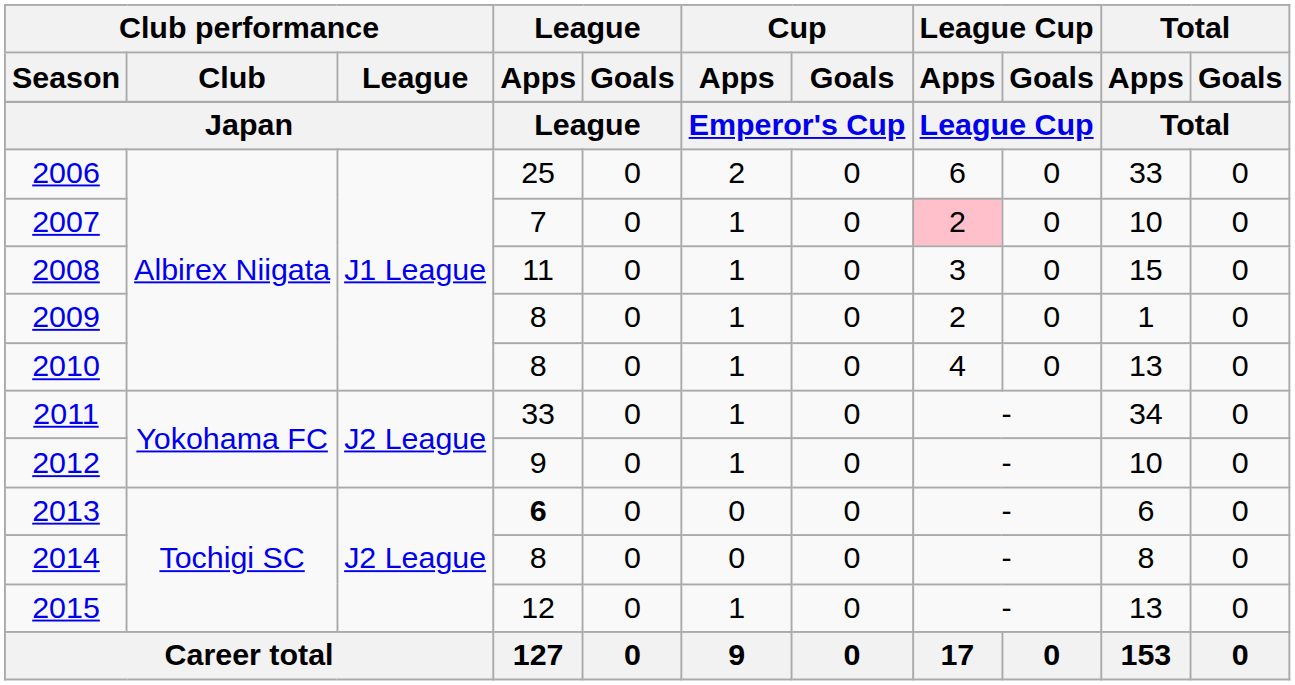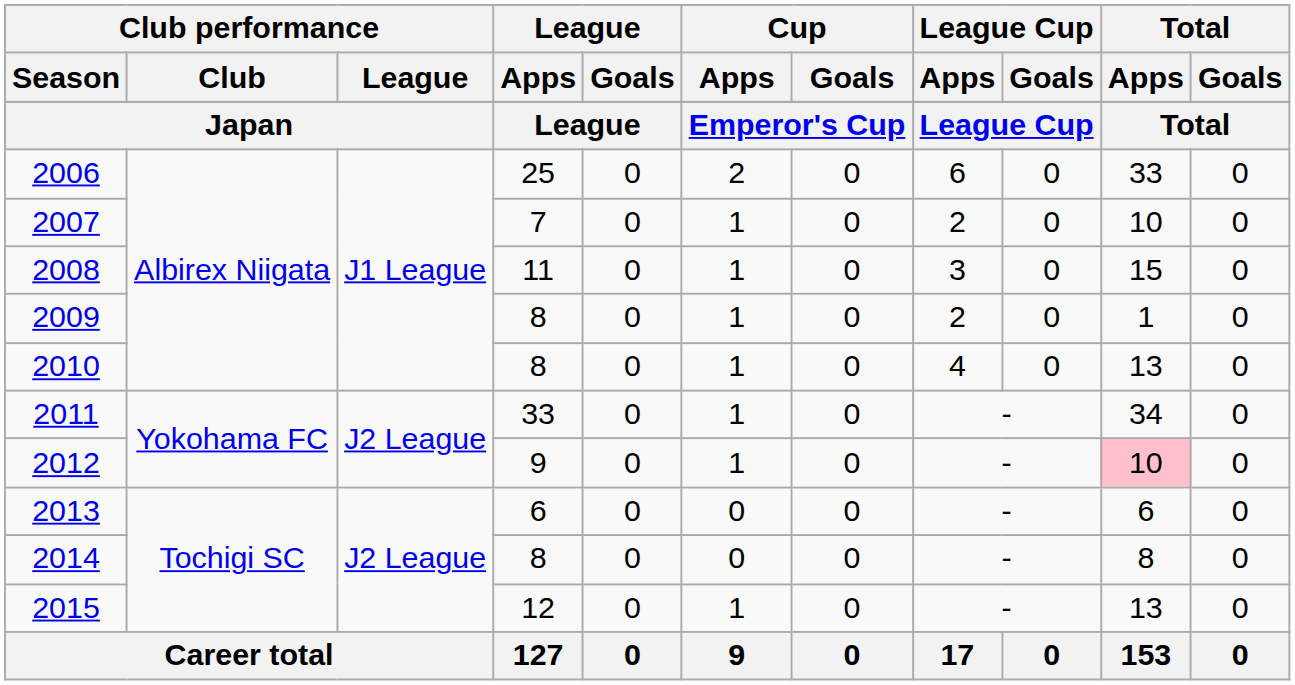 <table class="wikitable" style="text-align:center">
 <tr>
 <th colspan=3>Club performance</th>
 <th colspan=2>League</th>
 <th colspan=2>Cup</th>
 <th colspan=2>League Cup</th>
 <th colspan=2>Total</th>
 </tr>
 <tr>
 <th>Season</th>
 <th>Club</th>
 <th>League</th>
 <th>Apps</th>
 <th>Goals</th>
 <th>Apps</th>
 <th>Goals</th>
 <th>Apps</th>
 <th>Goals</th>
 <th>Apps</th>
 <th>Goals</th>
 </tr>
 <tr>
 </tr>
 <tr>
 <th colspan=3>Japan</th>
 <th colspan=2>League</th>
 <th colspan=2><a href='#'>Emperor's Cup</a></th>
 <th colspan=2><a href='#'>League Cup</a></th>
 <th colspan=2>Total</th>
 </tr>
 <tr>
 <td><a href='#'>2006</a></td>
 <td rowspan="5"><a href='#'>Albirex Niigata</a></td>
 <td rowspan="5"><a href='#'>J1 League</a></td>
 <td>25</td>
 <td>0</td>
 <td>2</td>
 <td>0</td>
 <td>6</td>
 <td>0</td>
 <td>33</td>
 <td>0</td>
 </tr>
 <tr>
 <td><a href='#'>2007</a></td>
 <td>7</td>
 <td>0</td>
 <td>1</td>
 <td>0</td>
-<td style="background: pink;">2</td>
+<td>2</td>
 <td>0</td>
 <td>10</td>
 <td>0</td>
 </tr>
 <tr>
 <td><a href='#'>2008</a></td>
 <td>11</td>
 <td>0</td>
 <td>1</td>
 <td>0</td>
 <td>3</td>
 <td>0</td>
 <td>15</td>
 <td>0</td>
 </tr>
 <tr>
 <td><a href='#'>2009</a></td>
 <td>8</td>
 <td>0</td>
 <td>1</td>
 <td>0</td>
 <td>2</td>
 <td>0</td>
 <td>1</td>
 <td>0</td>
 </tr>
 <tr>
 <td><a href='#'>2010</a></td>
 <td>8</td>
 <td>0</td>
 <td>1</td>
 <td>0</td>
 <td>4</td>
 <td>0</td>
 <td>13</td>
 <td>0</td>
 </tr>
 <tr>
 <td><a href='#'>2011</a></td>
 <td rowspan="2"><a href='#'>Yokohama FC</a></td>
 <td rowspan="2"><a href='#'>J2 League</a></td>
 <td>33</td>
 <td>0</td>
 <td>1</td>
 <td>0</td>
 <td colspan="2">-</td>
 <td>34</td>
 <td>0</td>
 </tr>
 <tr>
 <td><a href='#'>2012</a></td>
 <td>9</td>
 <td>0</td>
 <td>1</td>
 <td>0</td>
 <td colspan="2">-</td>
-<td>10</td>
+<td style="background: pink;">10</td>
 <td>0</td>
 </tr>
 <tr>
 <td><a href='#'>2013</a></td>
 <td rowspan="3"><a href='#'>Tochigi SC</a></td>
 <td rowspan="3"><a href='#'>J2 League</a></td>
-<td><strong>6</strong></td>
+<td>6</td>
 <td>0</td>
 <td>0</td>
 <td>0</td>
 <td colspan="2">-</td>
 <td>6</td>
 <td>0</td>
 </tr>
 <tr>
 <td><a href='#'>2014</a></td>
 <td>8</td>
 <td>0</td>
 <td>0</td>
 <td>0</td>
 <td colspan="2">-</td>
 <td>8</td>
 <td>0</td>
 </tr>
 <tr>
 <td><a href='#'>2015</a></td>
 <td>12</td>
 <td>0</td>
 <td>1</td>
 <td>0</td>
 <td colspan="2">-</td>
 <td>13</td>
 <td>0</td>
 </tr>
 <tr>
 <th colspan=3>Career total</th>
 <th>127</th>
 <th>0</th>
 <th>9</th>
 <th>0</th>
 <th>17</th>
 <th>0</th>
 <th>153</th>
 <th>0</th>
 </tr>
 </table>
